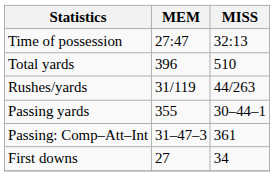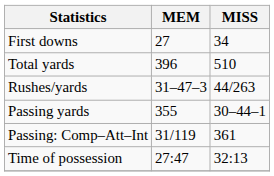 <table class="wikitable" style="float: left;">
 <tr>
 <th>Statistics</th>
 <th>MEM</th>
 <th>MISS</th>
 </tr>
 <tr>
-<td>Time of possession</td>
-<td>27:47</td>
-<td>32:13</td>
+<td>First downs</td>
+<td>27</td>
+<td>34</td>
 </tr>
 <tr>
 <td>Total yards</td>
 <td>396</td>
 <td>510</td>
 </tr>
 <tr>
 <td>Rushes/yards</td>
-<td>31/119</td>
+<td>31–47–3</td>
 <td>44/263</td>
 </tr>
 <tr>
 <td>Passing yards</td>
 <td>355</td>
 <td>30–44–1</td>
 </tr>
 <tr>
 <td>Passing: Comp–Att–Int</td>
-<td>31–47–3</td>
+<td>31/119</td>
 <td>361</td>
 </tr>
 <tr>
-<td>First downs</td>
-<td>27</td>
-<td>34</td>
+<td>Time of possession</td>
+<td>27:47</td>
+<td>32:13</td>
 </tr>
 <tr>
 </tr>
 </table>
